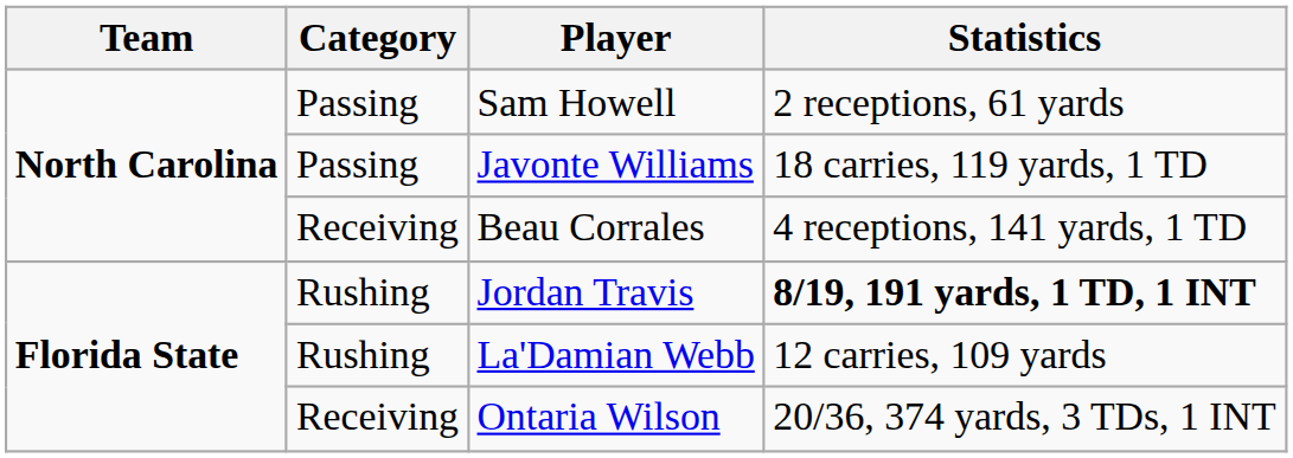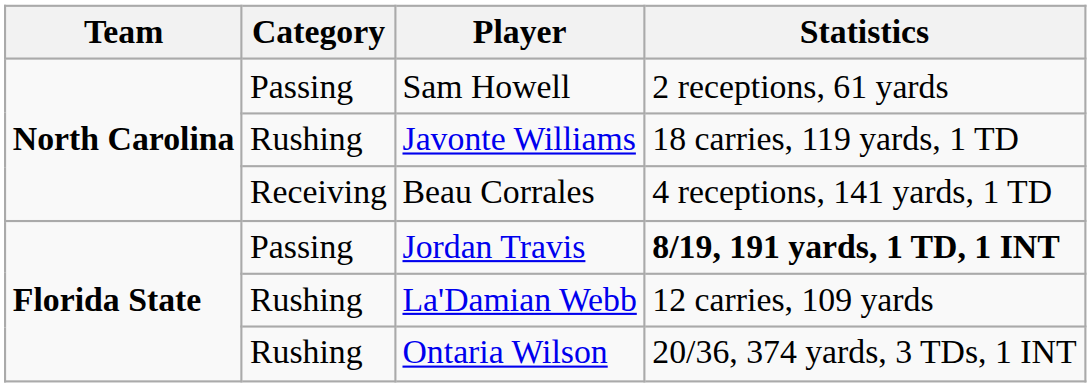 <table class="wikitable" style="float: left;">
 <tr>
 <th>Team</th>
 <th>Category</th>
 <th>Player</th>
 <th>Statistics</th>
 </tr>
 <tr>
 <td rowspan=3><strong>North Carolina</strong></td>
 <td>Passing</td>
 <td>Sam Howell</td>
 <td>2 receptions, 61 yards</td>
 </tr>
 <tr>
-<td>Passing</td>
+<td>Rushing</td>
 <td><a href='#'>Javonte Williams</a></td>
 <td>18 carries, 119 yards, 1 TD</td>
 </tr>
 <tr>
 <td>Receiving</td>
 <td>Beau Corrales</td>
 <td>4 receptions, 141 yards, 1 TD</td>
 </tr>
 <tr>
 <td rowspan=3><strong>Florida State</strong></td>
-<td>Rushing</td>
+<td>Passing</td>
 <td><a href='#'>Jordan Travis</a></td>
 <td><strong>8/19, 191 yards, 1 TD, 1 INT</strong></td>
 </tr>
 <tr>
 <td>Rushing</td>
 <td><a href='#'>La'Damian Webb</a></td>
 <td>12 carries, 109 yards</td>
 </tr>
 <tr>
-<td>Receiving</td>
+<td>Rushing</td>
 <td><a href='#'>Ontaria Wilson</a></td>
 <td>20/36, 374 yards, 3 TDs, 1 INT</td>
 </tr>
 </table>
